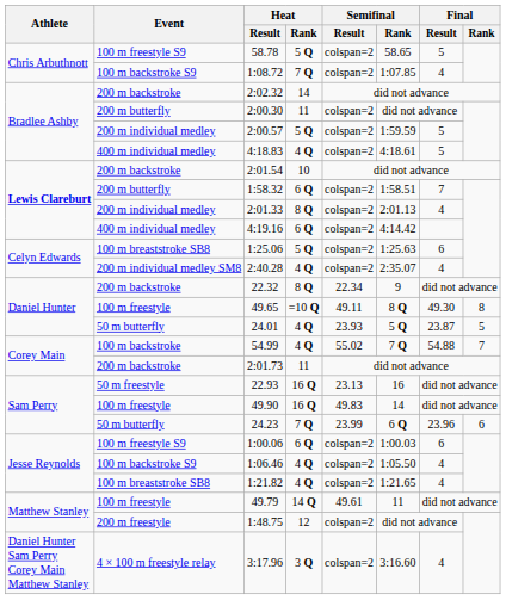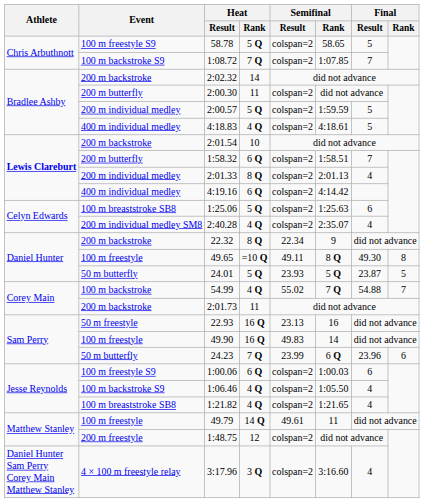 <table class="wikitable" style="font-size:90%;text-align:center;">
 <tr>
 <th rowspan=2>Athlete</th>
 <th rowspan=2>Event</th>
 <th colspan=2>Heat</th>
 <th colspan=2>Semifinal</th>
 <th colspan=2>Final</th>
 </tr>
 <tr style="font-size:95%">
 <th>Result</th>
 <th>Rank</th>
 <th>Result</th>
 <th>Rank</th>
 <th>Result</th>
 <th>Rank</th>
 </tr>
 <tr>
 <td style="text-align:left;" rowspan="2"><a href='#'>Chris Arbuthnott</a></td>
 <td style="text-align:left;"><a href='#'>100 m freestyle S9</a></td>
 <td>58.78</td>
 <td>5 <strong>Q</strong></td>
 <td>colspan=2 </td>
 <td>58.65</td>
 <td>5</td>
 </tr>
 <tr>
 <td style="text-align:left;"><a href='#'>100 m backstroke S9</a></td>
 <td>1:08.72</td>
 <td>7 <strong>Q</strong></td>
 <td>colspan=2 </td>
 <td>1:07.85</td>
-<td>4</td>
+<td>7</td>
 </tr>
 <tr>
 <td style="text-align:left;" rowspan="4"><a href='#'>Bradlee Ashby</a></td>
 <td style="text-align:left;"><a href='#'>200 m backstroke</a></td>
 <td>2:02.32</td>
 <td>14</td>
 <td colspan=4>did not advance</td>
 </tr>
 <tr>
 <td style="text-align:left;"><a href='#'>200 m butterfly</a></td>
 <td>2:00.30</td>
 <td>11</td>
 <td>colspan=2 </td>
 <td colspan=2>did not advance</td>
 </tr>
 <tr>
 <td style="text-align:left;"><a href='#'>200 m individual medley</a></td>
 <td>2:00.57</td>
 <td>5 <strong>Q</strong></td>
 <td>colspan=2 </td>
 <td>1:59.59</td>
 <td>5</td>
 </tr>
 <tr>
 <td style="text-align:left;"><a href='#'>400 m individual medley</a></td>
 <td>4:18.83</td>
 <td>4 <strong>Q</strong></td>
 <td>colspan=2 </td>
 <td>4:18.61</td>
 <td>5</td>
 </tr>
 <tr>
 <td style="text-align:left;" rowspan="4"><strong><a href='#'>Lewis Clareburt</a></strong></td>
 <td style="text-align:left;"><a href='#'>200 m backstroke</a></td>
 <td>2:01.54</td>
 <td>10</td>
 <td colspan=4>did not advance</td>
 </tr>
 <tr>
 <td style="text-align:left;"><a href='#'>200 m butterfly</a></td>
 <td>1:58.32</td>
 <td>6 <strong>Q</strong></td>
 <td>colspan=2 </td>
 <td>1:58.51</td>
 <td>7</td>
 </tr>
 <tr>
 <td style="text-align:left;"><a href='#'>200 m individual medley</a></td>
 <td>2:01.33</td>
 <td>8 <strong>Q</strong></td>
 <td>colspan=2 </td>
 <td>2:01.13</td>
 <td>4</td>
 </tr>
 <tr>
 <td style="text-align:left;"><a href='#'>400 m individual medley</a></td>
 <td>4:19.16</td>
 <td>6 <strong>Q</strong></td>
 <td>colspan=2 </td>
 <td>4:14.42</td>
 <td></td>
 </tr>
 <tr>
 <td style="text-align:left;" rowspan="2"><a href='#'>Celyn Edwards</a></td>
 <td style="text-align:left;"><a href='#'>100 m breaststroke SB8</a></td>
 <td>1:25.06</td>
 <td>5 <strong>Q</strong></td>
 <td>colspan=2 </td>
 <td>1:25.63</td>
 <td>6</td>
 </tr>
 <tr>
 <td style="text-align:left;"><a href='#'>200 m individual medley SM8</a></td>
 <td>2:40.28</td>
 <td>4 <strong>Q</strong></td>
 <td>colspan=2 </td>
 <td>2:35.07</td>
 <td>4</td>
 </tr>
 <tr>
 <td style="text-align:left;" rowspan="3"><a href='#'>Daniel Hunter</a></td>
 <td style="text-align:left;"><a href='#'>200 m backstroke</a></td>
 <td>22.32</td>
 <td>8 <strong>Q</strong></td>
 <td>22.34</td>
 <td>9</td>
 <td colspan=2>did not advance</td>
 </tr>
 <tr>
 <td style="text-align:left;"><a href='#'>100 m freestyle</a></td>
 <td>49.65</td>
 <td>=10 <strong>Q</strong></td>
 <td>49.11</td>
 <td>8 <strong>Q</strong></td>
 <td>49.30</td>
 <td>8</td>
 </tr>
 <tr>
 <td style="text-align:left;"><a href='#'>50 m butterfly</a></td>
 <td>24.01</td>
-<td>4 <strong>Q</strong></td>
+<td>5 <strong>Q</strong></td>
 <td>23.93</td>
 <td>5 <strong>Q</strong></td>
 <td>23.87</td>
 <td>5</td>
 </tr>
 <tr>
 <td style="text-align:left;" rowspan="2"><a href='#'>Corey Main</a></td>
 <td style="text-align:left;"><a href='#'>100 m backstroke</a></td>
 <td>54.99</td>
 <td>4 <strong>Q</strong></td>
 <td>55.02</td>
 <td>7 <strong>Q</strong></td>
 <td>54.88</td>
 <td>7</td>
 </tr>
 <tr>
 <td style="text-align:left;"><a href='#'>200 m backstroke</a></td>
 <td>2:01.73</td>
 <td>11</td>
 <td colspan=4>did not advance</td>
 </tr>
 <tr>
 <td style="text-align:left;" rowspan="3"><a href='#'>Sam Perry</a></td>
 <td style="text-align:left;"><a href='#'>50 m freestyle</a></td>
 <td>22.93</td>
 <td>16 <strong>Q</strong></td>
 <td>23.13</td>
 <td>16</td>
 <td colspan=2>did not advance</td>
 </tr>
 <tr>
 <td style="text-align:left;"><a href='#'>100 m freestyle</a></td>
 <td>49.90</td>
 <td>16 <strong>Q</strong></td>
 <td>49.83</td>
 <td>14</td>
 <td colspan=2>did not advance</td>
 </tr>
 <tr>
 <td style="text-align:left;"><a href='#'>50 m butterfly</a></td>
 <td>24.23</td>
 <td>7 <strong>Q</strong></td>
 <td>23.99</td>
 <td>6 <strong>Q</strong></td>
 <td>23.96</td>
 <td>6</td>
 </tr>
 <tr>
 <td style="text-align:left;" rowspan="3"><a href='#'>Jesse Reynolds</a></td>
 <td style="text-align:left;"><a href='#'>100 m freestyle S9</a></td>
 <td>1:00.06</td>
 <td>6 <strong>Q</strong></td>
 <td>colspan=2 </td>
 <td>1:00.03</td>
 <td>6</td>
 </tr>
 <tr>
 <td style="text-align:left;"><a href='#'>100 m backstroke S9</a></td>
 <td>1:06.46</td>
 <td>4 <strong>Q</strong></td>
 <td>colspan=2 </td>
 <td>1:05.50</td>
 <td>4</td>
 </tr>
 <tr>
 <td style="text-align:left;"><a href='#'>100 m breaststroke SB8</a></td>
 <td>1:21.82</td>
 <td>4 <strong>Q</strong></td>
 <td>colspan=2 </td>
 <td>1:21.65</td>
 <td>4</td>
 </tr>
 <tr>
 <td style="text-align:left;" rowspan="2"><a href='#'>Matthew Stanley</a></td>
 <td style="text-align:left;"><a href='#'>100 m freestyle</a></td>
 <td>49.79</td>
 <td>14 <strong>Q</strong></td>
 <td>49.61</td>
 <td>11</td>
 <td colspan=2>did not advance</td>
 </tr>
 <tr>
 <td style="text-align:left;"><a href='#'>200 m freestyle</a></td>
 <td>1:48.75</td>
 <td>12</td>
 <td>colspan=2 </td>
 <td colspan=2>did not advance</td>
 </tr>
 <tr>
 <td style="text-align:left;"><a href='#'>Daniel Hunter</a><br><a href='#'>Sam Perry</a><br><a href='#'>Corey Main</a><br><a href='#'>Matthew Stanley</a></td>
 <td style="text-align:left;"><a href='#'>4 × 100 m freestyle relay</a></td>
 <td>3:17.96</td>
 <td>3 <strong>Q</strong></td>
 <td>colspan=2 </td>
 <td>3:16.60</td>
 <td>4</td>
 </tr>
 </table>
